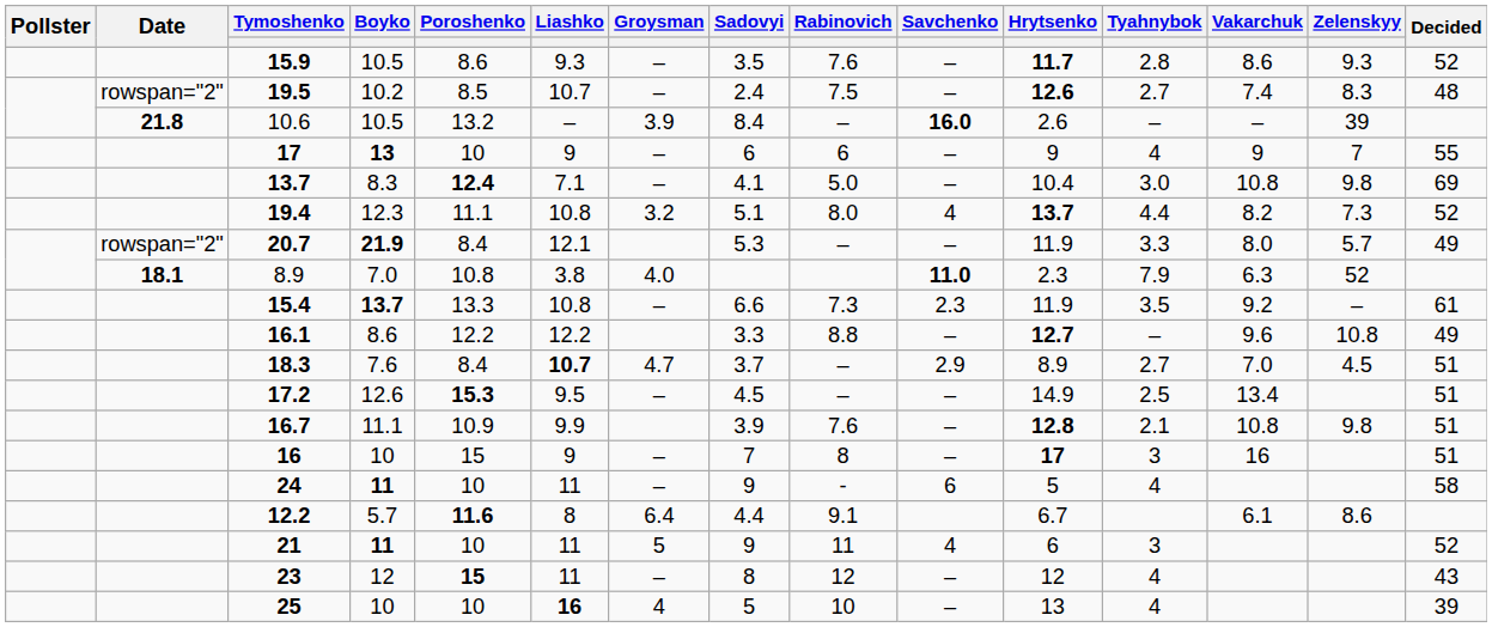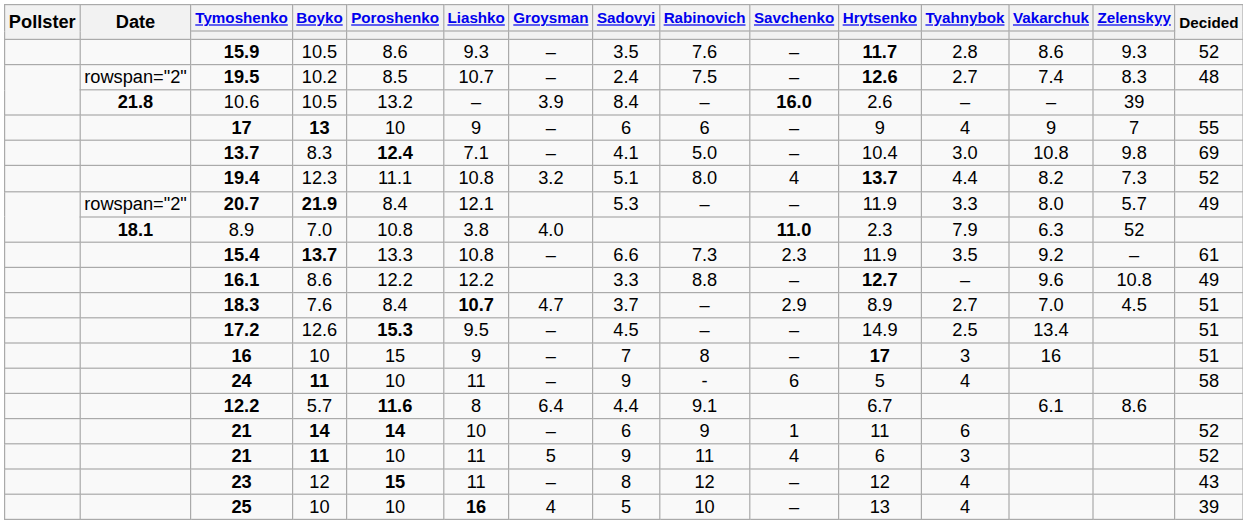 <table class="wikitable" style="text-align:center;font-size:95%;line-height:14px;">
 <tr>
 <th rowspan="2">Pollster</th>
 <th rowspan="2">Date</th>
 <th><small><a href='#'>Tymoshenko</a></small><br></th>
 <th> <small><a href='#'>Boyko</a></small><br></th>
 <th> <small><a href='#'>Poroshenko</a></small><br></th>
 <th><small><a href='#'>Liashko</a></small><br></th>
 <th><small><a href='#'>Groysman</a></small><br></th>
 <th><small><a href='#'>Sadovyi</a></small><br></th>
 <th><small><a href='#'>Rabinovich</a></small><br></th>
 <th><small><a href='#'>Savchenko</a></small><br></th>
 <th><small><a href='#'>Hrytsenko</a></small><br></th>
 <th><small><a href='#'>Tyahnybok</a></small><br></th>
 <th><small><a href='#'>Vakarchuk</a></small><br></th>
 <th><small><a href='#'>Zelenskyy</a></small><br></th>
 <th rowspan="2"><small>Decided</small></th>
 </tr>
 <tr>
 <th style="background:"></th>
 <th style="background:"></th>
 <th style="background:"></th>
 <th style="background:"></th>
 <th style="background:"></th>
 <th style="background:"></th>
 <th style="background:"></th>
 <th style="background:"></th>
 <th style="background:"></th>
 <th style="background:"></th>
 <th style="background:"></th>
 <th style="background:"></th>
 </tr>
 <tr>
 <td></td>
 <td></td>
 <td style="background-color:#"><strong>15.9</strong></td>
 <td>10.5</td>
 <td>8.6</td>
 <td>9.3</td>
 <td>–</td>
 <td>3.5</td>
 <td>7.6</td>
 <td>–</td>
 <td style="background-color:#"><strong>11.7</strong></td>
 <td>2.8</td>
 <td>8.6</td>
 <td>9.3</td>
 <td>52</td>
 </tr>
 <tr>
 <td rowspan="2"></td>
 <td>rowspan="2" </td>
 <td style="background-color:#"><strong>19.5</strong></td>
 <td>10.2</td>
 <td>8.5</td>
 <td>10.7</td>
 <td>–</td>
 <td>2.4</td>
 <td>7.5</td>
 <td>–</td>
 <td style="background-color:#"><strong>12.6</strong></td>
 <td>2.7</td>
 <td>7.4</td>
 <td>8.3</td>
 <td>48</td>
 </tr>
 <tr>
 <td style="background-color:#"><strong>21.8</strong></td>
 <td>10.6</td>
 <td>10.5</td>
 <td>13.2</td>
 <td>–</td>
 <td>3.9</td>
 <td>8.4</td>
 <td>–</td>
 <td style="background-color:#"><strong>16.0</strong></td>
 <td>2.6</td>
 <td>–</td>
 <td>–</td>
 <td>39</td>
 </tr>
 <tr>
 <td></td>
 <td></td>
 <td style="background-color:#"><strong>17</strong></td>
 <td style="background-color:#"><strong>13</strong></td>
 <td> 10</td>
 <td>9</td>
 <td>–</td>
 <td>6</td>
 <td>6</td>
 <td>–</td>
 <td>9</td>
 <td>4</td>
 <td>9</td>
 <td>7</td>
 <td>55</td>
 </tr>
 <tr>
 <td></td>
 <td></td>
 <td style="background-color:#"><strong>13.7</strong></td>
 <td>8.3</td>
 <td style="background-color:#"><strong>12.4</strong></td>
 <td>7.1</td>
 <td>–</td>
 <td>4.1</td>
 <td>5.0</td>
 <td>–</td>
 <td>10.4</td>
 <td>3.0</td>
 <td>10.8</td>
 <td>9.8</td>
 <td>69</td>
 </tr>
 <tr>
 <td></td>
 <td></td>
 <td style="background-color:#"><strong>19.4</strong></td>
 <td>12.3</td>
 <td>11.1</td>
 <td>10.8</td>
 <td>3.2</td>
 <td>5.1</td>
 <td>8.0</td>
 <td>4</td>
 <td style="background-color:#"><strong>13.7</strong></td>
 <td>4.4</td>
 <td>8.2</td>
 <td>7.3</td>
 <td>52</td>
 </tr>
 <tr>
 <td rowspan="2"></td>
 <td>rowspan="2" </td>
 <td style="background-color:#"><strong>20.7</strong></td>
 <td style="background-color:#"><strong>21.9</strong></td>
 <td>8.4</td>
 <td>12.1</td>
 <td></td>
 <td>5.3</td>
 <td>–</td>
 <td>–</td>
 <td>11.9</td>
 <td>3.3</td>
 <td>8.0</td>
 <td>5.7</td>
 <td>49</td>
 </tr>
 <tr>
 <td style="background-color:#"><strong>18.1</strong></td>
 <td>8.9</td>
 <td>7.0</td>
 <td>10.8</td>
 <td>3.8</td>
 <td>4.0</td>
 <td></td>
 <td></td>
 <td style="background-color:#"><strong>11.0</strong></td>
 <td>2.3</td>
 <td>7.9</td>
 <td>6.3</td>
 <td>52</td>
 </tr>
 <tr>
 <td></td>
 <td></td>
 <td style="background-color:#"><strong>15.4</strong></td>
 <td style="background-color:#"><strong>13.7</strong></td>
 <td>13.3</td>
 <td>10.8</td>
 <td>–</td>
 <td>6.6</td>
 <td>7.3</td>
 <td>2.3</td>
 <td>11.9</td>
 <td>3.5</td>
 <td>9.2</td>
 <td>–</td>
 <td>61</td>
 </tr>
 <tr>
 <td></td>
 <td></td>
 <td style="background-color:#"><strong>16.1</strong></td>
 <td>8.6</td>
 <td>12.2</td>
 <td>12.2</td>
 <td></td>
 <td>3.3</td>
 <td>8.8</td>
 <td>–</td>
 <td style="background-color:#"><strong>12.7</strong></td>
 <td>–</td>
 <td>9.6</td>
 <td>10.8</td>
 <td>49</td>
 </tr>
 <tr>
 <td></td>
 <td></td>
 <td style="background-color:#"><strong>18.3</strong></td>
 <td>7.6</td>
 <td> 8.4</td>
 <td style="background-color:#"><strong>10.7</strong></td>
 <td>4.7</td>
 <td>3.7</td>
 <td>–</td>
 <td>2.9</td>
 <td>8.9</td>
 <td>2.7</td>
 <td>7.0</td>
 <td>4.5</td>
 <td>51</td>
 </tr>
 <tr>
 <td></td>
 <td></td>
 <td style="background-color:#"><strong>17.2</strong></td>
 <td>12.6</td>
 <td style="background-color:#"><strong>15.3</strong></td>
 <td>9.5</td>
 <td>–</td>
 <td>4.5</td>
 <td>–</td>
 <td>–</td>
 <td>14.9</td>
 <td>2.5</td>
 <td>13.4</td>
 <td></td>
 <td>51</td>
 </tr>
 <tr>
 <td></td>
 <td></td>
-<td style="background-color:#"><strong>16.7</strong></td>
-<td>11.1</td>
-<td>10.9</td>
-<td>9.9</td>
-<td></td>
-<td>3.9</td>
-<td>7.6</td>
-<td>–</td>
-<td style="background-color:#"><strong>12.8</strong></td>
-<td>2.1</td>
-<td>10.8</td>
-<td>9.8</td>
-<td>51</td>
-</tr>
-<tr>
-<td></td>
-<td></td>
 <td style="background-color:#"><strong>16</strong></td>
 <td>10</td>
 <td> 15</td>
 <td>9</td>
 <td>–</td>
 <td>7</td>
 <td>8</td>
 <td>–</td>
 <td style="background-color:#"><strong>17</strong></td>
 <td>3</td>
 <td>16</td>
 <td></td>
 <td>51</td>
 </tr>
 <tr>
 <td></td>
 <td></td>
 <td style="background-color:#"><strong>24</strong></td>
 <td style="background-color:#"><strong>11</strong></td>
 <td> 10</td>
 <td>11</td>
 <td>–</td>
 <td>9</td>
 <td>-</td>
 <td>6</td>
 <td>5</td>
 <td>4</td>
 <td></td>
 <td></td>
 <td>58</td>
 </tr>
 <tr>
 <td> </td>
 <td></td>
 <td style="background-color:#"><strong>12.2</strong></td>
 <td>5.7</td>
 <td style="background-color:#"><strong>11.6</strong></td>
 <td>8</td>
 <td>6.4</td>
 <td>4.4</td>
 <td>9.1</td>
 <td></td>
 <td>6.7</td>
 <td></td>
 <td>6.1</td>
 <td>8.6</td>
 <td></td>
+</tr>
+<tr>
+<td></td>
+<td></td>
+<td style="background-color:#"><strong>21</strong></td>
+<td style="background-color:#"><strong>14</strong></td>
+<td style="background-color:#"><strong>14</strong></td>
+<td>10</td>
+<td>–</td>
+<td>6</td>
+<td>9</td>
+<td>1</td>
+<td>11</td>
+<td>6</td>
+<td></td>
+<td></td>
+<td>52</td>
 </tr>
 <tr>
 <td></td>
 <td></td>
 <td style="background-color:#"><strong>21</strong></td>
 <td style="background-color:#"><strong>11</strong></td>
 <td>10</td>
 <td>11</td>
 <td>5</td>
 <td>9</td>
 <td>11</td>
 <td>4</td>
 <td>6</td>
 <td>3</td>
 <td></td>
 <td></td>
 <td>52</td>
 </tr>
 <tr>
 <td></td>
 <td></td>
 <td style="background-color:#"><strong>23</strong></td>
 <td>12</td>
 <td style="background-color:#"><strong>15</strong></td>
 <td>11</td>
 <td>–</td>
 <td>8</td>
 <td>12</td>
 <td>–</td>
 <td>12</td>
 <td>4</td>
 <td></td>
 <td></td>
 <td>43</td>
 </tr>
 <tr>
 <td></td>
 <td></td>
 <td style="background-color:#"><strong>25</strong></td>
 <td>10</td>
 <td>10</td>
 <td style="background-color:#"><strong>16</strong></td>
 <td>4</td>
 <td>5</td>
 <td>10</td>
 <td>–</td>
 <td>13</td>
 <td>4</td>
 <td></td>
 <td></td>
 <td>39</td>
 </tr>
 </table>
